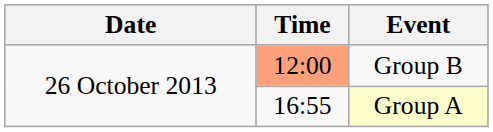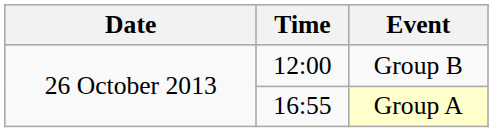 <table class = "wikitable" style="text-align:center;">
 <tr>
 <th width=150>Date</th>
 <th width=50>Time</th>
 <th width=80>Event</th>
 </tr>
 <tr>
 <td rowspan=2>26 October 2013</td>
-<td style="background: lightsalmon;">12:00</td>
+<td>12:00</td>
 <td>Group B</td>
 </tr>
 <tr>
 <td>16:55</td>
 <td bgcolor=ffffcc>Group A</td>
 </tr>
 </table>
